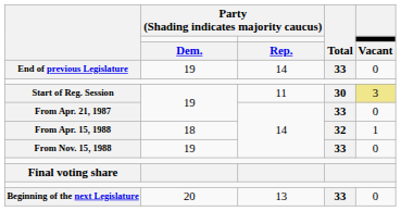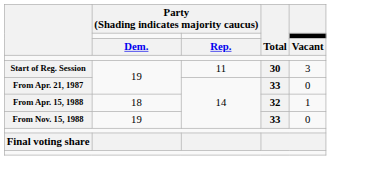 <table class=wikitable style="text-align:center">
 <tr style="vertical-align:bottom;">
 <th rowspan=3></th>
 <th colspan=2>Party <div>(Shading indicates majority caucus)</div></th>
 <th rowspan=3>Total</th>
 <th></th>
 </tr>
 <tr style="height:5px">
 <td style="background-color:"></td>
 <td style="background-color:"></td>
 <td style="background:black;"></td>
 </tr>
 <tr>
 <th><a href='#'>Dem.</a></th>
 <th><a href='#'>Rep.</a></th>
 <th>Vacant</th>
 </tr>
 <tr>
-<th style="font-size:80%;">End of <a href='#'>previous Legislature</a></th>
-<td>19</td>
-<td>14</td>
-<th>33</th>
-<td>0</td>
-</tr>
-<tr>
 <td colspan=5></td>
 </tr>
 <tr>
 <th style="font-size:80%;">Start of Reg. Session</th>
 <td rowspan="2" >19</td>
 <td>11</td>
 <th>30</th>
-<td style="background: khaki;">3</td>
+<td>3</td>
 </tr>
 <tr>
 <th style="font-size:80%;">From Apr. 21, 1987</th>
 <td rowspan="3">14</td>
 <th>33</th>
 <td>0</td>
 </tr>
 <tr>
 <th style="font-size:80%;">From Apr. 15, 1988</th>
 <td>18</td>
 <th>32</th>
 <td>1</td>
 </tr>
 <tr>
 <th style="font-size:80%;">From Nov. 15, 1988</th>
 <td>19</td>
 <th>33</th>
 <td>0</td>
 </tr>
 <tr>
 <td colspan=5></td>
 </tr>
 <tr>
 <th>Final voting share</th>
 <th></th>
 <th></th>
 <th colspan=2></th>
 </tr>
 <tr>
 <td colspan=5></td>
 </tr>
-<tr>
-<th style="font-size:80%;">Beginning of the <a href='#'>next Legislature</a></th>
-<td>20</td>
-<td>13</td>
-<th>33</th>
-<td>0</td>
-</tr>
 </table>
